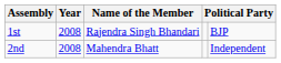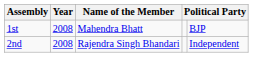 <table class="wikitable sortable">
 <tr>
 <th>Assembly</th>
 <th>Year</th>
 <th>Name of the Member</th>
 <th colspan=2>Political Party</th>
 </tr>
 <tr>
 <td><a href='#'>1st</a></td>
 <td><a href='#'>2008</a></td>
-<td><a href='#'>Rajendra Singh Bhandari</a></td>
+<td><a href='#'>Mahendra Bhatt</a></td>
 <td style="background-color: "></td>
 <td><a href='#'>BJP</a></td>
 </tr>
 <tr>
 <td><a href='#'>2nd</a></td>
 <td><a href='#'>2008</a></td>
-<td><a href='#'>Mahendra Bhatt</a></td>
+<td><a href='#'>Rajendra Singh Bhandari</a></td>
 <td style="background-color: "></td>
 <td><a href='#'>Independent</a></td>
 </tr>
 </table>
